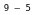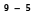 <table style="text-align:center">
 <tr>
 <th width=200></th>
 <th width=100></th>
 <th width=200></th>
 </tr>
 <tr>
 <td align=right><strong></strong></td>
-<td>9 – 5</td>
+<td><strong>9 – 5</strong></td>
 <td align=left></td>
 </tr>
 </table>
